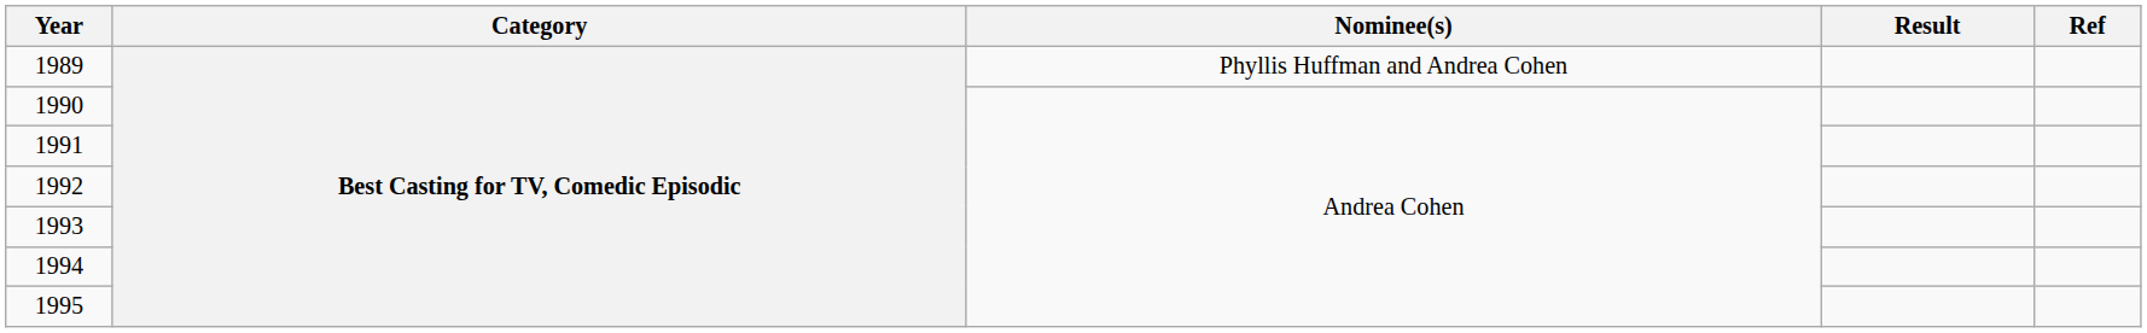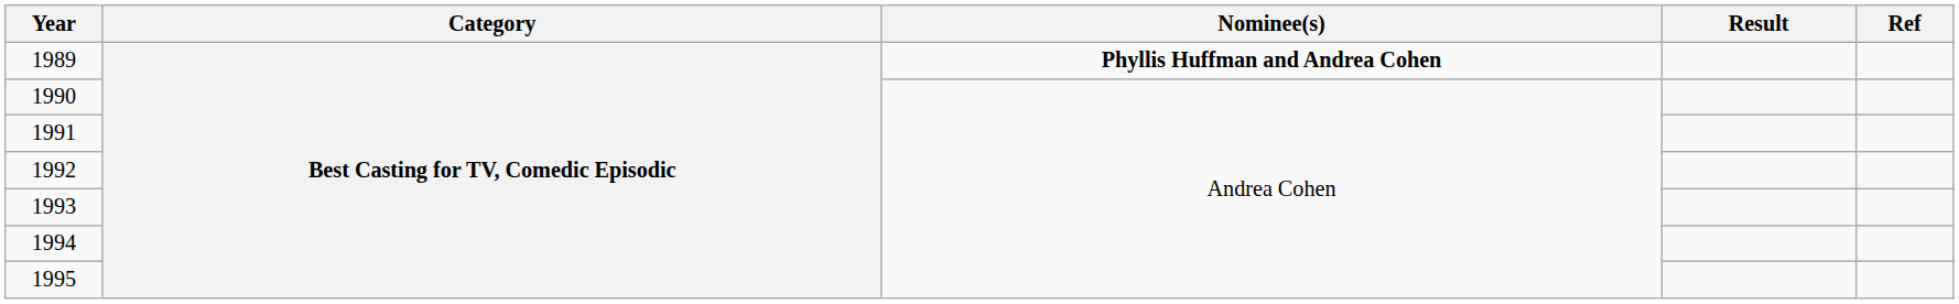 <table class="wikitable plainrowheaders" style="font-size: 90%; text-align:center" width=100%>
 <tr>
 <th scope="col" width="5%">Year</th>
 <th scope="col" width="40%">Category</th>
 <th scope="col" width="40%">Nominee(s)</th>
 <th scope="col" width="10%">Result</th>
 <th scope="col" width="5%">Ref</th>
 </tr>
 <tr>
 <td>1989</td>
 <th scope="row" style="text-align:center" rowspan="7">Best Casting for TV, Comedic Episodic</th>
-<td>Phyllis Huffman  and Andrea Cohen </td>
+<td><strong>Phyllis Huffman  and Andrea Cohen </strong></td>
 <td></td>
 <td></td>
 </tr>
 <tr>
 <td>1990</td>
 <td rowspan="6">Andrea Cohen</td>
 <td></td>
 <td></td>
 </tr>
 <tr>
 <td>1991</td>
 <td></td>
 <td></td>
 </tr>
 <tr>
 <td>1992</td>
 <td></td>
 <td></td>
 </tr>
 <tr>
 <td>1993</td>
 <td></td>
 <td></td>
 </tr>
 <tr>
 <td>1994</td>
 <td></td>
 <td></td>
 </tr>
 <tr>
 <td>1995</td>
 <td></td>
 <td></td>
 </tr>
 </table>
